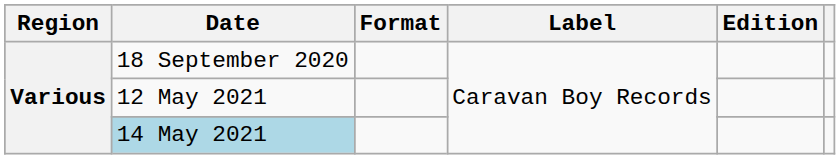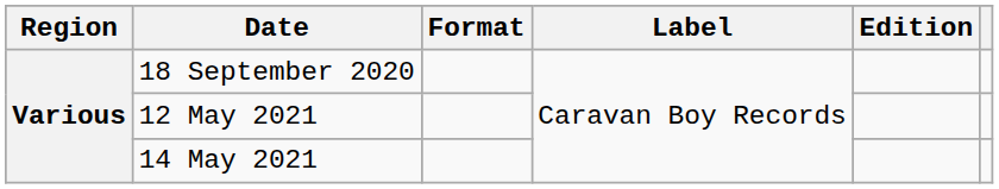 <table class="wikitable plainrowheaders">
 <tr>
 <th scope="col">Region</th>
 <th scope="col">Date</th>
 <th scope="col">Format</th>
 <th scope="col">Label</th>
 <th scope="col">Edition</th>
 <th scope="col"></th>
 </tr>
 <tr>
 <th scope="row" rowspan="3">Various</th>
 <td>18 September 2020</td>
 <td></td>
 <td rowspan=3>Caravan Boy Records</td>
 <td></td>
 <td style="text-align:center;"></td>
 </tr>
 <tr>
 <td>12 May 2021</td>
 <td></td>
 <td></td>
 <td style="text-align:center;"></td>
 </tr>
 <tr>
-<td style="background: lightblue;">14 May 2021</td>
+<td>14 May 2021</td>
 <td></td>
 <td></td>
 <td style="text-align:center;"></td>
 </tr>
 </table>
